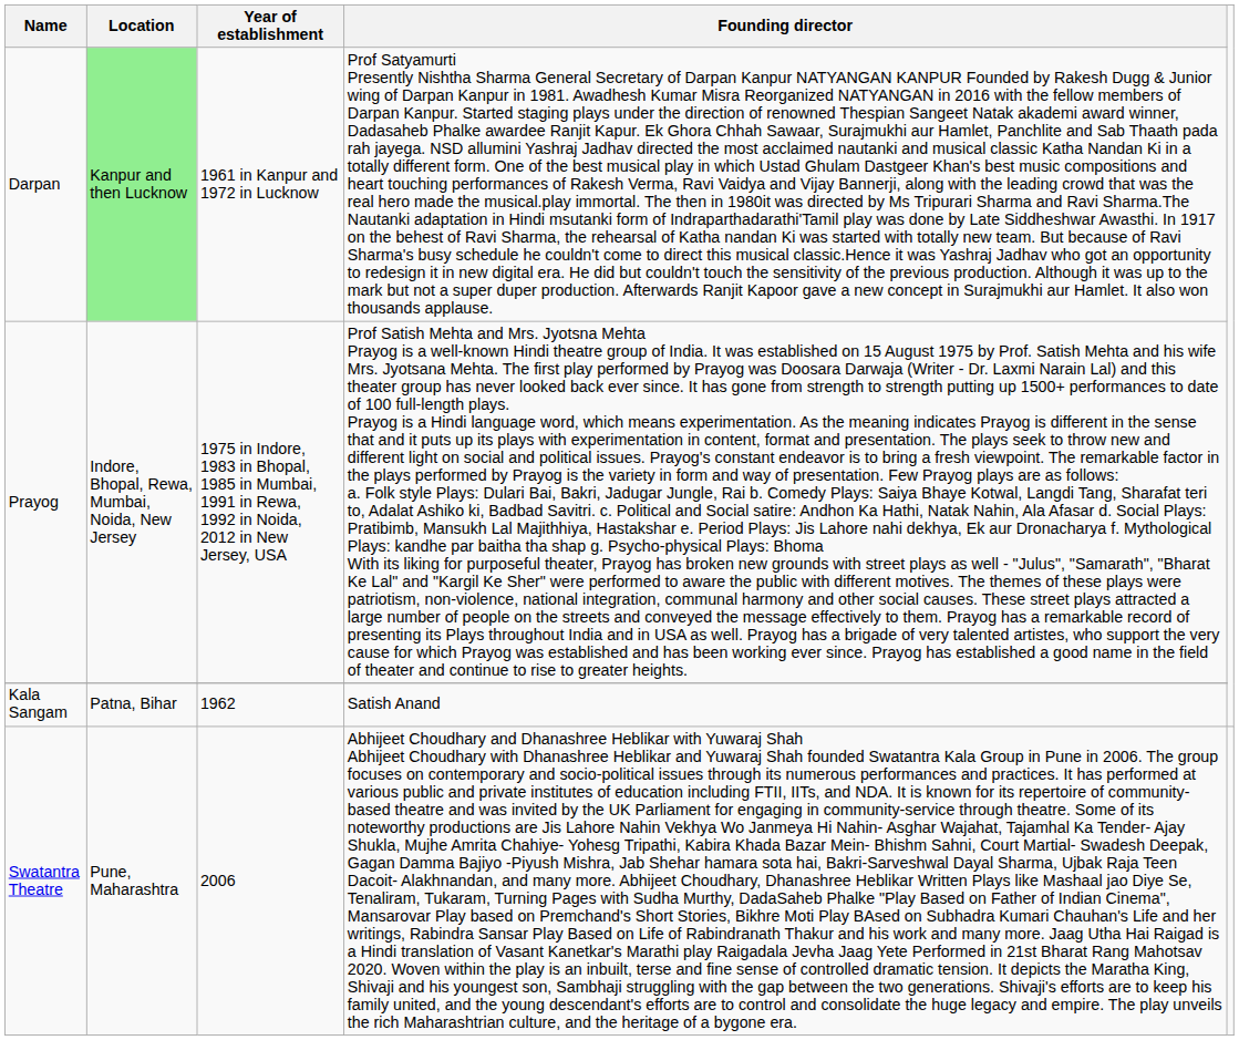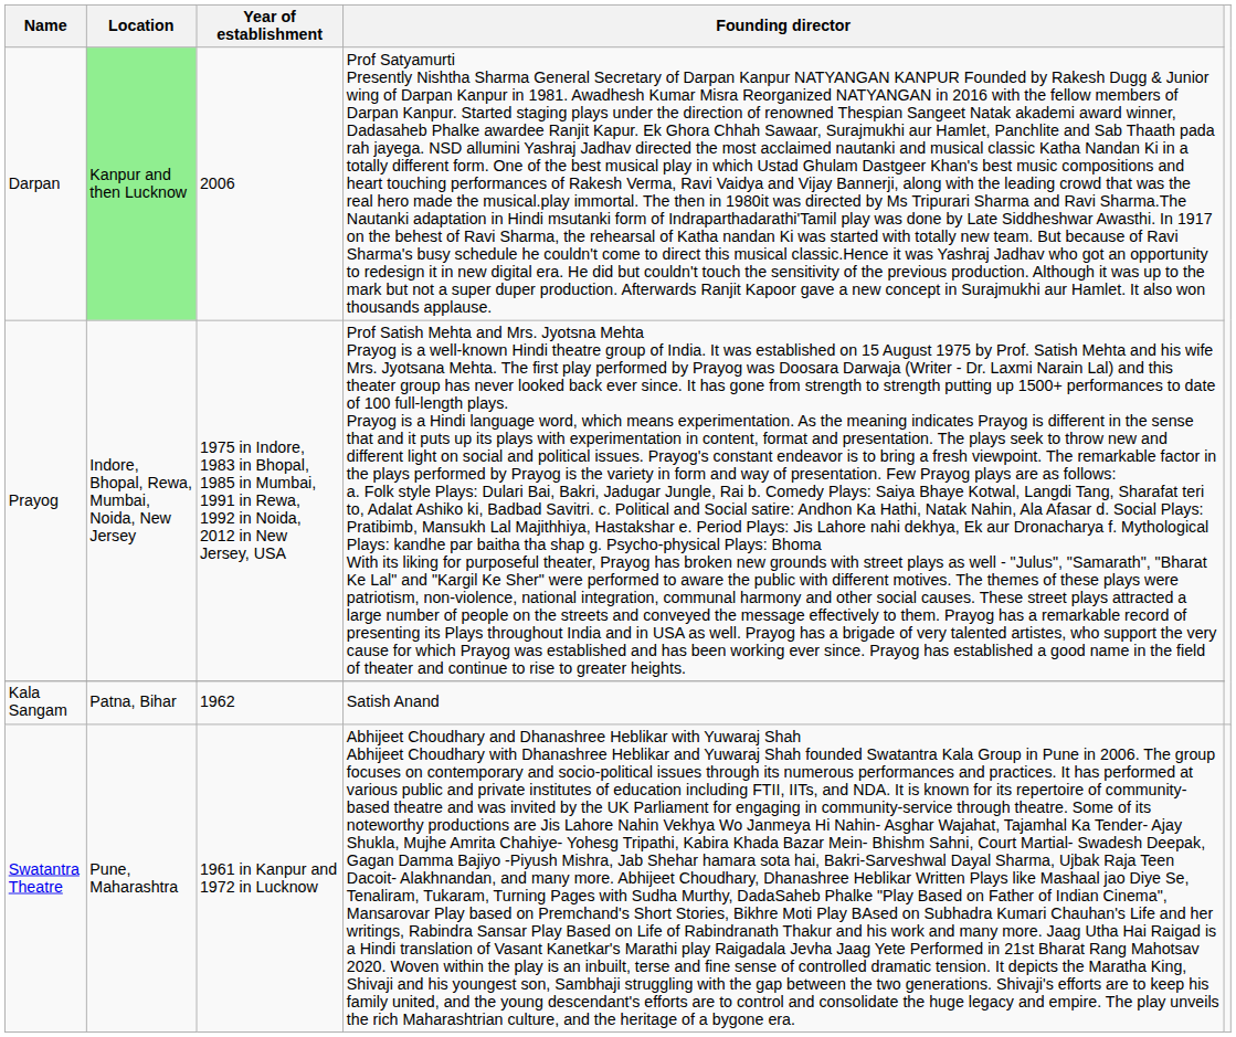 <table class="wikitable">
 <tr>
 <th>Name</th>
 <th>Location</th>
 <th>Year of establishment</th>
 <th>Founding director</th>
 </tr>
 <tr>
 <td>Darpan</td>
 <td style="background: lightgreen;">Kanpur and then Lucknow</td>
-<td>1961 in Kanpur and 1972 in Lucknow</td>
+<td>2006</td>
 <td>Prof Satyamurti<br>Presently Nishtha Sharma General Secretary of Darpan Kanpur NATYANGAN KANPUR Founded by Rakesh Dugg & Junior wing of Darpan Kanpur in 1981. Awadhesh Kumar Misra Reorganized NATYANGAN in 2016 with the fellow members of Darpan Kanpur. Started staging plays under the direction of renowned Thespian Sangeet Natak akademi award winner, Dadasaheb Phalke awardee Ranjit Kapur.  Ek Ghora Chhah Sawaar, Surajmukhi aur Hamlet, Panchlite and Sab Thaath pada rah jayega.  NSD allumini Yashraj Jadhav directed the most acclaimed nautanki and musical classic Katha Nandan Ki in a totally different form. One of the best musical play in which Ustad Ghulam Dastgeer Khan's best music compositions and heart touching performances of Rakesh Verma, Ravi Vaidya and Vijay Bannerji, along with the leading crowd that was the real hero made the musical.play immortal. The then in 1980it was directed by Ms Tripurari Sharma and Ravi Sharma.The Nautanki adaptation in Hindi msutanki form of Indraparthadarathi'Tamil play was done by Late Siddheshwar Awasthi. In 1917 on the behest of Ravi Sharma, the rehearsal of Katha nandan Ki was started with totally new team. But because of Ravi Sharma's busy schedule he couldn't come to direct this musical classic.Hence it was Yashraj Jadhav who got an opportunity to redesign it in new digital era. He did but couldn't touch the sensitivity of the previous production. Although it was up to the mark but not a super duper production. Afterwards Ranjit Kapoor gave a new concept in Surajmukhi aur Hamlet. It also won thousands applause.</td>
 </tr>
 <tr>
 <td>Prayog</td>
 <td>Indore, Bhopal, Rewa, Mumbai, Noida, New Jersey</td>
 <td>1975 in Indore, 1983 in Bhopal, 1985 in Mumbai, 1991 in Rewa, 1992 in Noida, 2012 in New Jersey, USA</td>
 <td>Prof Satish Mehta and Mrs. Jyotsna Mehta<br>Prayog is a well-known Hindi theatre group of India. It was established on 15 August 1975 by Prof. Satish Mehta and his wife Mrs. Jyotsana Mehta. The first play performed by Prayog was Doosara Darwaja (Writer - Dr. Laxmi Narain Lal) and this theater group has never looked back ever since. It has gone from strength to strength putting up 1500+ performances to date of 100 full-length plays.<br>Prayog is a Hindi language word, which means experimentation. As the meaning indicates Prayog is different in the sense that and it puts up its plays with experimentation in content, format and presentation. The plays seek to throw new and different light on social and political issues. Prayog's constant endeavor is to bring a fresh viewpoint. The remarkable factor in the plays performed by Prayog is the variety in form and way of presentation. Few Prayog plays are as follows:<br>a.	Folk style Plays: Dulari Bai, Bakri, Jadugar Jungle, Rai b.	Comedy Plays: Saiya Bhaye Kotwal, Langdi Tang, Sharafat teri to, Adalat Ashiko ki, Badbad Savitri. c.	Political and Social satire: Andhon Ka Hathi, Natak Nahin, Ala Afasar d.	Social Plays: Pratibimb, Mansukh Lal Majithhiya, Hastakshar e.	Period Plays: Jis Lahore nahi dekhya, Ek aur Dronacharya f.	Mythological Plays: kandhe par baitha tha shap  g.	Psycho-physical Plays: Bhoma<br>With its liking for purposeful theater, Prayog has broken new grounds with street plays as well - "Julus", "Samarath", "Bharat Ke Lal" and "Kargil Ke Sher" were performed to aware the public with different motives. The themes of these plays were patriotism, non-violence, national integration, communal harmony and other social causes. These street plays attracted a large number of people on the streets and conveyed the message effectively to them. Prayog has a remarkable record of presenting its Plays throughout India and in USA as well. Prayog has a brigade of very talented artistes, who support the very cause for which Prayog was established and has been working ever since. Prayog has established a good name in the field of theater and continue to rise to greater heights.</td>
 </tr>
 <tr>
 </tr>
 <tr>
 <td>Kala Sangam</td>
 <td>Patna, Bihar</td>
 <td>1962</td>
 <td>Satish Anand</td>
 </tr>
 <tr>
 <td><a href='#'>Swatantra Theatre</a></td>
 <td>Pune, Maharashtra</td>
-<td>2006</td>
+<td>1961 in Kanpur and 1972 in Lucknow</td>
 <td>Abhijeet Choudhary and Dhanashree Heblikar with Yuwaraj Shah<br>Abhijeet Choudhary with Dhanashree Heblikar and Yuwaraj Shah founded Swatantra Kala Group in Pune in 2006.  The group focuses on contemporary and socio-political issues through its numerous performances and practices. It has performed at various public and private institutes of education including FTII, IITs, and NDA. It is known for its repertoire of community-based theatre and was invited by the UK Parliament for engaging in community-service through theatre. Some of its noteworthy productions are Jis Lahore Nahin Vekhya Wo Janmeya Hi Nahin- Asghar Wajahat, Tajamhal Ka Tender- Ajay Shukla, Mujhe Amrita Chahiye- Yohesg Tripathi, Kabira Khada Bazar Mein- Bhishm Sahni, Court Martial- Swadesh Deepak, Gagan Damma Bajiyo -Piyush Mishra, Jab Shehar hamara sota hai, Bakri-Sarveshwal Dayal Sharma, Ujbak Raja Teen Dacoit- Alakhnandan, and many more. Abhijeet Choudhary, Dhanashree Heblikar Written Plays like Mashaal jao Diye Se, Tenaliram, Tukaram, Turning Pages with Sudha Murthy, DadaSaheb Phalke "Play Based on Father of Indian Cinema", Mansarovar Play based on Premchand's Short Stories, Bikhre Moti Play BAsed on Subhadra Kumari Chauhan's Life and her writings, Rabindra Sansar Play Based on Life of Rabindranath Thakur and his work and many more. Jaag Utha Hai Raigad is a Hindi translation of Vasant Kanetkar's Marathi play Raigadala Jevha Jaag Yete Performed in 21st Bharat Rang Mahotsav 2020. Woven within the play is an inbuilt, terse and fine sense of controlled dramatic tension.  It depicts the Maratha King, Shivaji and his youngest son, Sambhaji struggling with the gap between the two generations. Shivaji's efforts are to keep his family united, and the young descendant's efforts are to control and consolidate the huge legacy and empire. The play unveils the rich Maharashtrian culture, and the heritage of a bygone era.</td>
 <td></td>
 </tr>
 </table>
